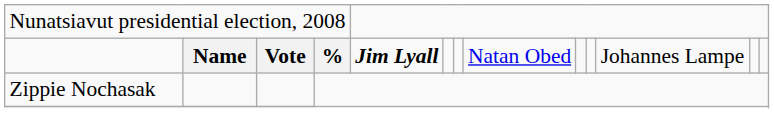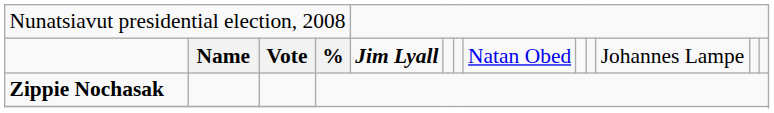 <table class="wikitable">
 <tr>
 <td colspan=4 align=center>Nunatsiavut presidential election, 2008</td>
 </tr>
 <tr>
 <td></td>
 <th><strong>Name </strong></th>
 <th><strong>Vote</strong></th>
 <th><strong>%</strong><br></th>
 <td><strong><em>Jim Lyall</em></strong></td>
 <td></td>
 <td><br></td>
 <td><a href='#'>Natan Obed</a></td>
 <td></td>
 <td><br></td>
 <td>Johannes Lampe</td>
 <td></td>
 <td></td>
 </tr>
 <tr>
-<td>Zippie Nochasak</td>
+<td><strong>Zippie Nochasak</strong></td>
 <td></td>
 <td></td>
 </tr>
 <tr>
 </tr>
 </table>
